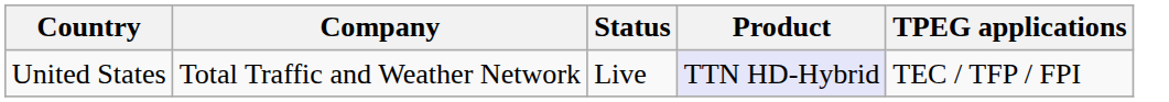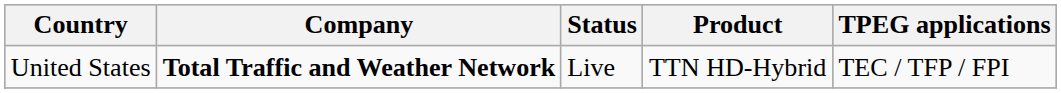 <table class="wikitable">
 <tr>
 <th>Country</th>
 <th>Company</th>
 <th>Status</th>
 <th>Product</th>
 <th>TPEG applications</th>
 </tr>
 <tr>
 <td>United States</td>
-<td>Total Traffic and Weather Network</td>
+<td><strong>Total Traffic and Weather Network</strong></td>
 <td>Live</td>
-<td style="background: lavender;">TTN HD-Hybrid</td>
+<td>TTN HD-Hybrid</td>
 <td>TEC  / TFP / FPI</td>
 </tr>
 </table>
